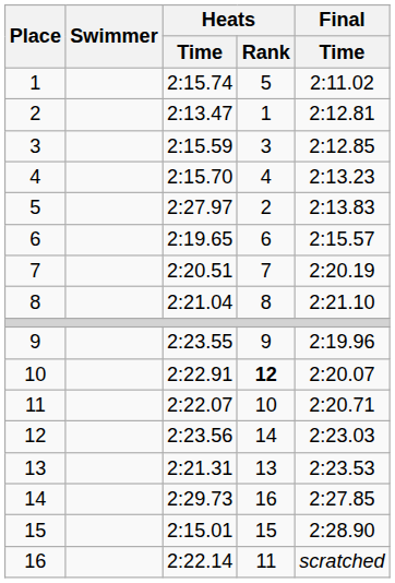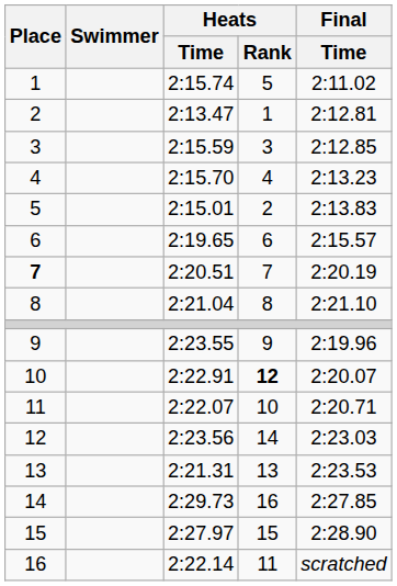 <table class="wikitable" style="text-align:center;">
 <tr>
 <th rowspan="2">Place</th>
 <th rowspan="2">Swimmer</th>
 <th colspan="2">Heats</th>
 <th>Final</th>
 </tr>
 <tr>
 <th>Time</th>
 <th>Rank</th>
 <th>Time</th>
 </tr>
 <tr>
 <td>1</td>
 <td align=left></td>
 <td>2:15.74</td>
 <td>5</td>
 <td>2:11.02</td>
 </tr>
 <tr>
 <td>2</td>
 <td align=left></td>
 <td>2:13.47</td>
 <td>1</td>
 <td>2:12.81</td>
 </tr>
 <tr>
 <td>3</td>
 <td align=left></td>
 <td>2:15.59</td>
 <td>3</td>
 <td>2:12.85</td>
 </tr>
 <tr>
 <td>4</td>
 <td align=left></td>
 <td>2:15.70</td>
 <td>4</td>
 <td>2:13.23</td>
 </tr>
 <tr>
 <td>5</td>
 <td align=left></td>
-<td>2:27.97</td>
+<td>2:15.01</td>
 <td>2</td>
 <td>2:13.83</td>
 </tr>
 <tr>
 <td>6</td>
 <td align=left></td>
 <td>2:19.65</td>
 <td>6</td>
 <td>2:15.57</td>
 </tr>
 <tr>
-<td>7</td>
+<td><strong>7</strong></td>
 <td align=left></td>
 <td>2:20.51</td>
 <td>7</td>
 <td>2:20.19</td>
 </tr>
 <tr>
 <td>8</td>
 <td align=left></td>
 <td>2:21.04</td>
 <td>8</td>
 <td>2:21.10</td>
 </tr>
 <tr>
 <td colspan=5 bgcolor=lightgray></td>
 </tr>
 <tr>
 <td>9</td>
 <td align="left"></td>
 <td>2:23.55</td>
 <td>9</td>
 <td>2:19.96</td>
 </tr>
 <tr>
 <td>10</td>
 <td align="left"></td>
 <td>2:22.91</td>
 <td><strong>12</strong></td>
 <td>2:20.07</td>
 </tr>
 <tr>
 <td>11</td>
 <td align="left"></td>
 <td>2:22.07</td>
 <td>10</td>
 <td>2:20.71</td>
 </tr>
 <tr>
 <td>12</td>
 <td align="left"></td>
 <td>2:23.56</td>
 <td>14</td>
 <td>2:23.03</td>
 </tr>
 <tr>
 <td>13</td>
 <td align="left"></td>
 <td>2:21.31</td>
 <td>13</td>
 <td>2:23.53</td>
 </tr>
 <tr>
 <td>14</td>
 <td align="left"></td>
 <td>2:29.73</td>
 <td>16</td>
 <td>2:27.85</td>
 </tr>
 <tr>
 <td>15</td>
 <td align="left"></td>
-<td>2:15.01</td>
+<td>2:27.97</td>
 <td>15</td>
 <td>2:28.90</td>
 </tr>
 <tr>
 <td>16</td>
 <td align="left"></td>
 <td>2:22.14</td>
 <td>11</td>
 <td><em>scratched</em></td>
 </tr>
 </table>
